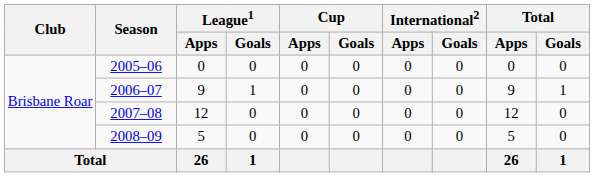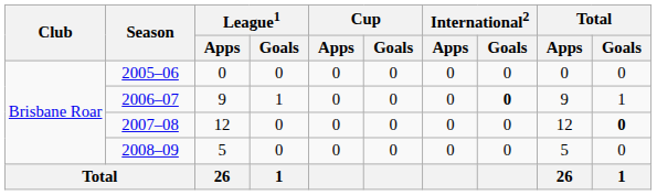 <table class="wikitable" style="text-align: center;">
 <tr>
 <th rowspan="2">Club</th>
 <th rowspan="2" width="80">Season</th>
 <th colspan="2" width="105">League<sup>1</sup></th>
 <th colspan="2" width="105">Cup</th>
 <th colspan="2" width="105">International<sup>2</sup></th>
 <th colspan="2" width="105">Total</th>
 </tr>
 <tr>
 <th>Apps</th>
 <th>Goals</th>
 <th>Apps</th>
 <th>Goals</th>
 <th>Apps</th>
 <th>Goals</th>
 <th>Apps</th>
 <th>Goals</th>
 </tr>
 <tr>
 <td rowspan="4" valign="center"><a href='#'>Brisbane Roar</a></td>
 <td><a href='#'>2005–06</a></td>
 <td>0</td>
 <td>0</td>
 <td>0</td>
 <td>0</td>
 <td>0</td>
 <td>0</td>
 <td>0</td>
 <td>0</td>
 </tr>
 <tr>
 <td><a href='#'>2006–07</a></td>
 <td>9</td>
 <td>1</td>
 <td>0</td>
 <td>0</td>
 <td>0</td>
-<td>0</td>
+<td><strong>0</strong></td>
 <td>9</td>
 <td>1</td>
 </tr>
 <tr>
 <td><a href='#'>2007–08</a></td>
 <td>12</td>
 <td>0</td>
 <td>0</td>
 <td>0</td>
 <td>0</td>
 <td>0</td>
 <td>12</td>
-<td>0</td>
+<td><strong>0</strong></td>
 </tr>
 <tr>
 <td><a href='#'>2008–09</a></td>
 <td>5</td>
 <td>0</td>
 <td>0</td>
 <td>0</td>
 <td>0</td>
 <td>0</td>
 <td>5</td>
 <td>0</td>
 </tr>
 <tr>
 <th colspan="2">Total</th>
 <th>26</th>
 <th>1</th>
 <th></th>
 <th></th>
 <th></th>
 <th></th>
 <th>26</th>
 <th>1</th>
 </tr>
 </table>
